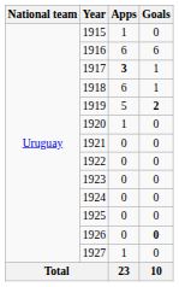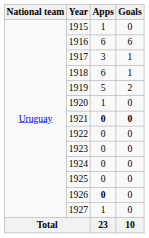 <table class=wikitable style=text-align:center>
 <tr>
 <th>National team</th>
 <th>Year</th>
 <th>Apps</th>
 <th>Goals</th>
 </tr>
 <tr>
 <td rowspan=13><a href='#'>Uruguay</a></td>
 <td>1915</td>
 <td>1</td>
 <td>0</td>
 </tr>
 <tr>
 <td>1916</td>
 <td>6</td>
 <td>6</td>
 </tr>
 <tr>
 <td>1917</td>
-<td><strong>3</strong></td>
+<td>3</td>
 <td>1</td>
 </tr>
 <tr>
 <td>1918</td>
 <td>6</td>
 <td>1</td>
 </tr>
 <tr>
 <td>1919</td>
 <td>5</td>
-<td><strong>2</strong></td>
+<td>2</td>
 </tr>
 <tr>
 <td>1920</td>
 <td>1</td>
 <td>0</td>
 </tr>
 <tr>
 <td>1921</td>
-<td>0</td>
-<td>0</td>
+<td><strong>0</strong></td>
+<td><strong>0</strong></td>
 </tr>
 <tr>
 <td>1922</td>
 <td>0</td>
 <td>0</td>
 </tr>
 <tr>
 <td>1923</td>
 <td>0</td>
 <td>0</td>
 </tr>
 <tr>
 <td>1924</td>
 <td>0</td>
 <td>0</td>
 </tr>
 <tr>
 <td>1925</td>
 <td>0</td>
 <td>0</td>
 </tr>
 <tr>
 <td>1926</td>
+<td><strong>0</strong></td>
 <td>0</td>
-<td><strong>0</strong></td>
 </tr>
 <tr>
 <td>1927</td>
 <td>1</td>
 <td>0</td>
 </tr>
 <tr>
 <th colspan=2>Total</th>
 <th>23</th>
 <th>10</th>
 </tr>
 </table>
